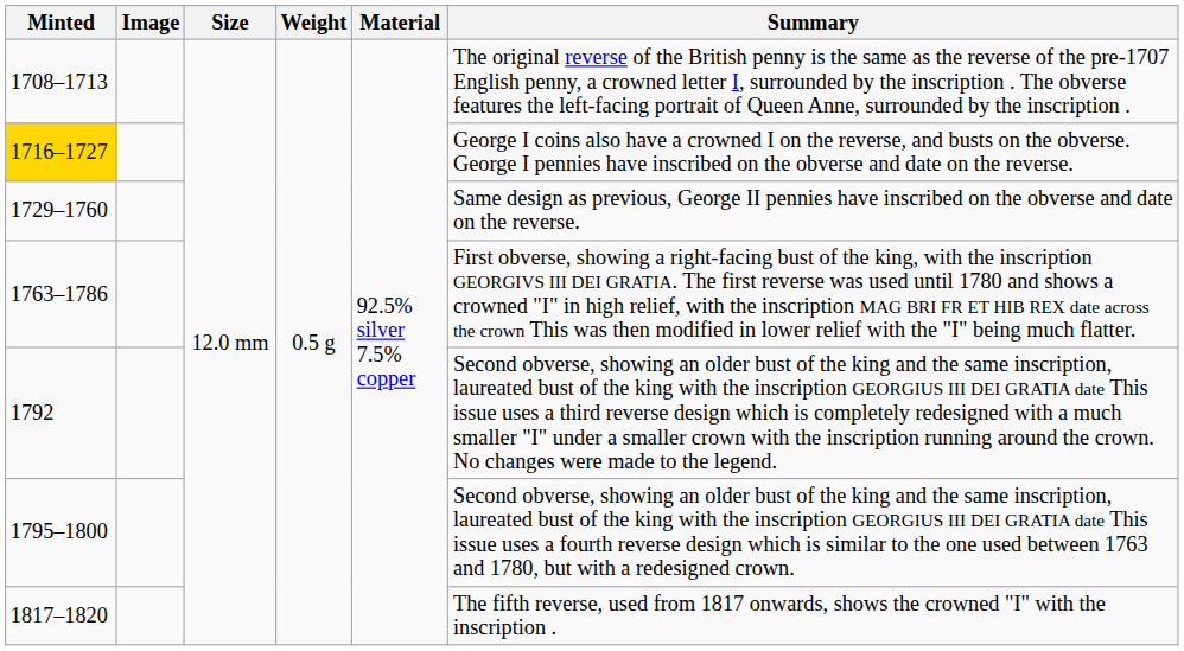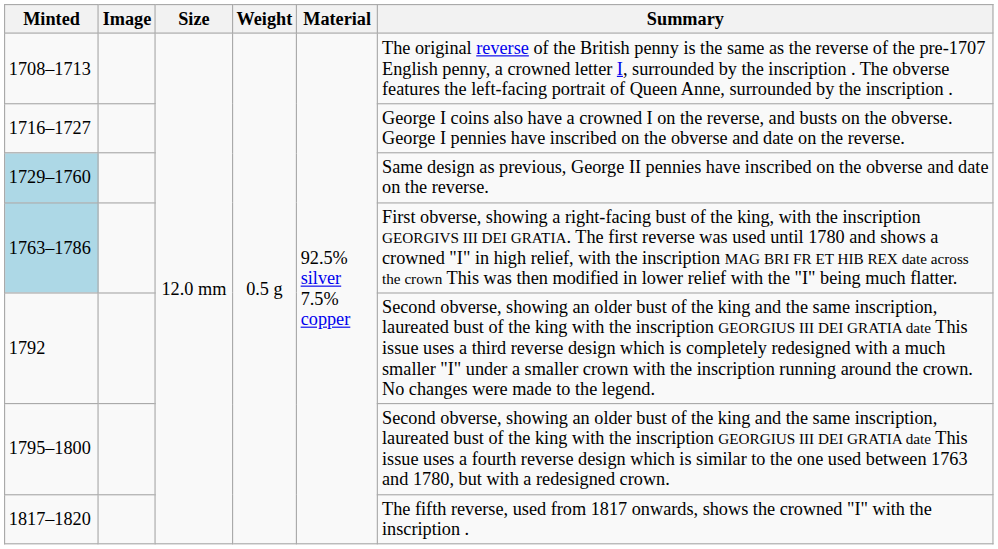 <table class="wikitable">
 <tr>
 <th width=75>Minted</th>
 <th>Image</th>
 <th width=60>Size</th>
 <th>Weight</th>
 <th>Material</th>
 <th>Summary</th>
 </tr>
 <tr>
 <td>1708–1713</td>
 <td></td>
 <td rowspan="7" align="center">12.0 mm</td>
 <td rowspan="7" align="center">0.5 g</td>
 <td rowspan="7">92.5% <a href='#'>silver</a><br>7.5% <a href='#'>copper</a></td>
 <td>The original <a href='#'>reverse</a> of the British penny is the same as the reverse of the pre-1707 English penny, a crowned letter <a href='#'>I</a>, surrounded by the inscription . The obverse features the left-facing portrait of Queen Anne, surrounded by the inscription .</td>
 </tr>
 <tr>
-<td style="background: gold;">1716–1727</td>
+<td>1716–1727</td>
 <td></td>
 <td>George I coins also have a crowned I on the reverse, and busts on the obverse. George I pennies have  inscribed on the obverse and  date on the reverse.</td>
 </tr>
 <tr>
-<td>1729–1760</td>
+<td style="background: lightblue;">1729–1760</td>
 <td></td>
 <td>Same design as previous, George II pennies have  inscribed on the obverse and  date on the reverse.</td>
 </tr>
 <tr>
-<td>1763–1786</td>
+<td style="background: lightblue;">1763–1786</td>
 <td></td>
 <td>First obverse, showing a right-facing bust of the king, with the inscription <small>GEORGIVS III DEI GRATIA</small>. The first reverse was used until 1780 and shows a crowned "I" in high relief, with the inscription <small>MAG BRI FR ET HIB REX date across the crown</small> This was then modified in lower relief with the "I" being much flatter.</td>
 </tr>
 <tr>
 <td>1792</td>
 <td></td>
 <td>Second obverse, showing an older bust of the king and the same inscription, laureated bust of the king with the inscription <small>GEORGIUS III DEI GRATIA date</small> This issue uses a third reverse design which is completely redesigned with a much smaller "I" under a smaller crown with the inscription running around the crown. No changes were made to the legend.</td>
 </tr>
 <tr>
 <td>1795–1800</td>
 <td></td>
 <td>Second obverse, showing an older bust of the king and the same inscription, laureated bust of the king with the inscription <small>GEORGIUS III DEI GRATIA date</small> This issue uses a fourth reverse design which is similar to the one used between 1763 and 1780, but with a redesigned crown.</td>
 </tr>
 <tr>
 <td>1817–1820</td>
 <td></td>
 <td>The fifth reverse, used from 1817 onwards, shows the crowned "I" with the inscription .</td>
 </tr>
 </table>
